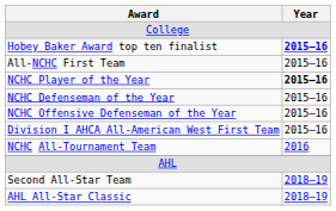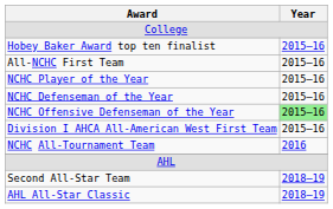 <table class="wikitable">
 <tr>
 <th>Award</th>
 <th>Year</th>
 </tr>
 <tr ALIGN="center" bgcolor="#e0e0e0">
 <td colspan="3"><a href='#'>College</a></td>
 </tr>
 <tr>
 <td><a href='#'>Hobey Baker Award</a> top ten finalist</td>
-<td><strong><a href='#'>2015–16</a></strong></td>
+<td><a href='#'>2015–16</a></td>
 </tr>
 <tr>
 <td>All-<a href='#'>NCHC</a> First Team</td>
 <td>2015–16</td>
 </tr>
 <tr>
 <td><a href='#'>NCHC Player of the Year</a></td>
-<td><strong>2015–16</strong></td>
+<td>2015–16</td>
 </tr>
 <tr>
 <td><a href='#'>NCHC Defenseman of the Year</a></td>
 <td>2015–16</td>
 </tr>
 <tr>
 <td><a href='#'>NCHC Offensive Defenseman of the Year</a></td>
-<td>2015–16</td>
+<td style="background: lightgreen;">2015–16</td>
 </tr>
 <tr>
 <td><a href='#'>Division I AHCA All-American West First Team</a></td>
 <td>2015–16</td>
 </tr>
 <tr>
 <td><a href='#'>NCHC</a> <a href='#'>All-Tournament Team</a></td>
 <td><a href='#'>2016</a></td>
 </tr>
 <tr>
 </tr>
 <tr ALIGN="center" bgcolor="#e0e0e0">
 <td colspan="3"><a href='#'>AHL</a></td>
 </tr>
 <tr>
 <td>Second All-Star Team</td>
 <td><a href='#'>2018–19</a></td>
 </tr>
 <tr>
 <td><a href='#'>AHL All-Star Classic</a></td>
 <td><a href='#'>2018–19</a></td>
 </tr>
 </table>
